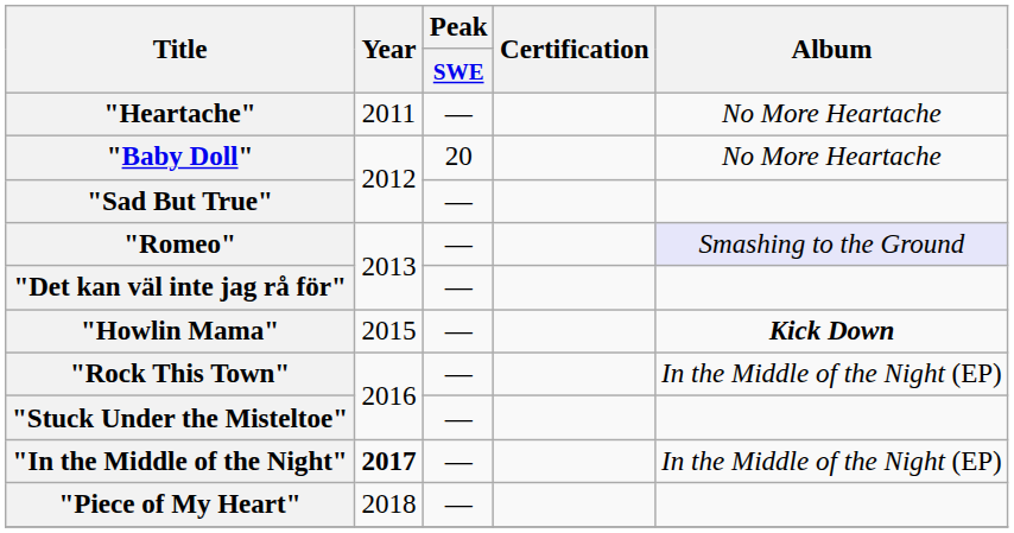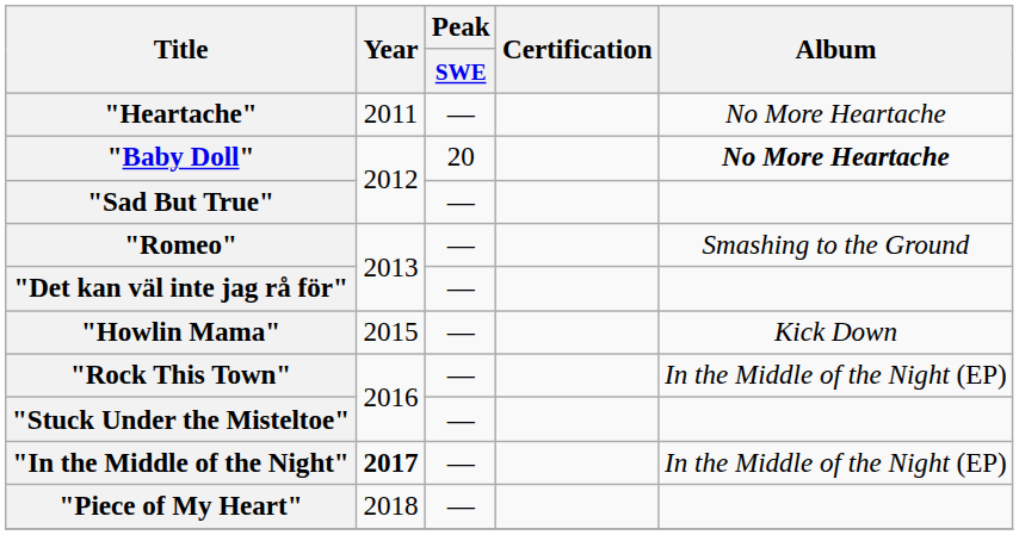 <table class="wikitable plainrowheaders" style="text-align:center;">
 <tr>
 <th rowspan="2">Title</th>
 <th width="33" rowspan="2" style="text-align:center;">Year</th>
 <th>Peak</th>
 <th rowspan="2">Certification</th>
 <th rowspan="2">Album</th>
 </tr>
 <tr>
 <th><a href='#'><small>SWE</small></a><br></th>
 </tr>
 <tr>
 <th scope="row">"Heartache"</th>
 <td>2011</td>
 <td>—</td>
 <td></td>
 <td><em>No More Heartache</em></td>
 </tr>
 <tr>
 <th scope="row">"<a href='#'>Baby Doll</a>"</th>
 <td align="center" rowspan="2">2012</td>
 <td align="center">20</td>
 <td align="center"></td>
-<td><em>No More Heartache</em></td>
+<td><strong><em>No More Heartache</em></strong></td>
 </tr>
 <tr>
 <th scope="row">"Sad But True"</th>
 <td>—</td>
 <td></td>
 <td></td>
 </tr>
 <tr>
 <th scope="row">"Romeo"</th>
 <td rowspan="2">2013</td>
 <td>—</td>
 <td></td>
-<td style="background: lavender;"><em>Smashing to the Ground</em></td>
+<td><em>Smashing to the Ground</em></td>
 </tr>
 <tr>
 <th scope="row">"Det kan väl inte jag rå för"</th>
 <td>—</td>
 <td></td>
 <td></td>
 </tr>
 <tr>
 <th scope="row">"Howlin Mama"</th>
 <td>2015</td>
 <td>—</td>
 <td></td>
-<td><strong><em>Kick Down</em></strong></td>
+<td><em>Kick Down</em></td>
 </tr>
 <tr>
 <th scope="row">"Rock This Town"</th>
 <td rowspan="2">2016</td>
 <td>—</td>
 <td></td>
 <td><em>In the Middle of the Night</em> (EP)</td>
 </tr>
 <tr>
 <th scope="row">"Stuck Under the Misteltoe"</th>
 <td>—</td>
 <td></td>
 <td></td>
 </tr>
 <tr>
 <th scope="row">"In the Middle of the Night"</th>
 <td><strong>2017</strong></td>
 <td>—</td>
 <td></td>
 <td><em>In the Middle of the Night</em> (EP)</td>
 </tr>
 <tr>
 <th scope="row">"Piece of My Heart"</th>
 <td>2018</td>
 <td>—</td>
 <td></td>
 <td></td>
 </tr>
 <tr>
 </tr>
 </table>
